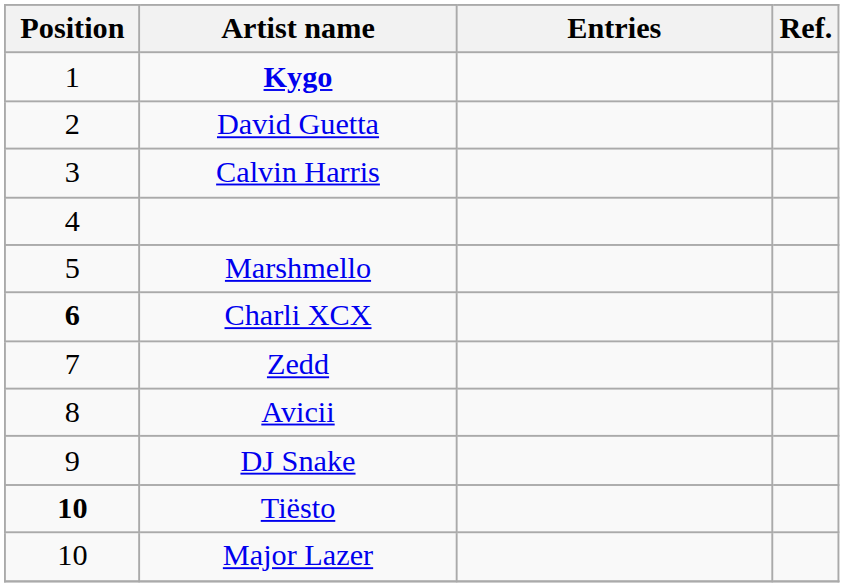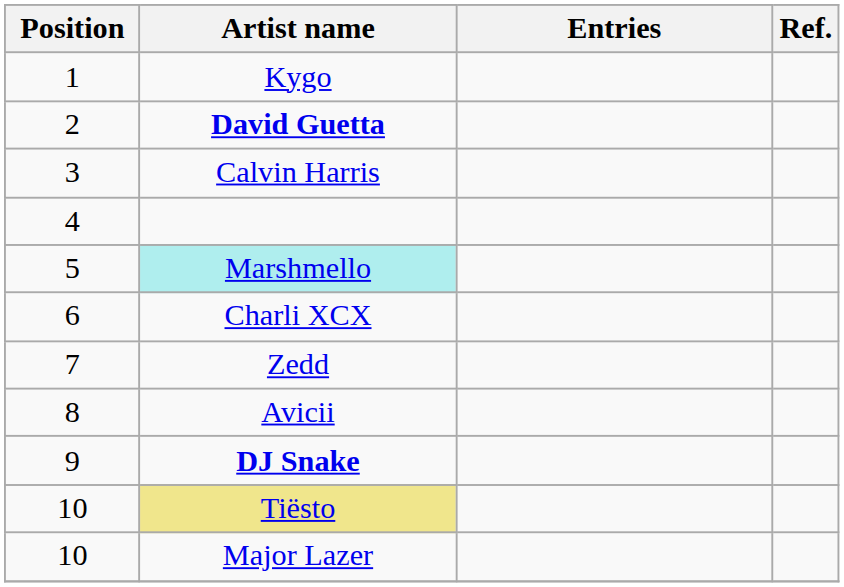 <table class="wikitable sortable plainrowheaders" style="text-align:center;">
 <tr>
 <th scope="col" style="width:4em;" class="unsortable">Position</th>
 <th scope="col" style="width:10em;">Artist name</th>
 <th scope="col" style="width:10em;">Entries</th>
 <th scope="col" style="width:1em;">Ref.</th>
 </tr>
 <tr>
 <td>1</td>
-<td><strong><a href='#'>Kygo</a></strong></td>
+<td><a href='#'>Kygo</a></td>
 <td></td>
 <td></td>
 </tr>
 <tr>
 <td>2</td>
-<td><a href='#'>David Guetta</a></td>
+<td><strong><a href='#'>David Guetta</a></strong></td>
 <td></td>
 <td></td>
 </tr>
 <tr>
 <td>3</td>
 <td><a href='#'>Calvin Harris</a></td>
 <td></td>
 <td></td>
 </tr>
 <tr>
 <td>4</td>
 <td></td>
 <td></td>
 <td></td>
 </tr>
 <tr>
 <td>5</td>
-<td><a href='#'>Marshmello</a></td>
+<td style="background: paleturquoise;"><a href='#'>Marshmello</a></td>
 <td></td>
 <td></td>
 </tr>
 <tr>
-<td><strong>6</strong></td>
+<td>6</td>
 <td><a href='#'>Charli XCX</a></td>
 <td></td>
 <td></td>
 </tr>
 <tr>
 <td>7</td>
 <td><a href='#'>Zedd</a></td>
 <td></td>
 <td></td>
 </tr>
 <tr>
 <td>8</td>
 <td><a href='#'>Avicii</a></td>
 <td></td>
 <td></td>
 </tr>
 <tr>
 <td>9</td>
-<td><a href='#'>DJ Snake</a></td>
+<td><strong><a href='#'>DJ Snake</a></strong></td>
 <td></td>
 <td></td>
 </tr>
 <tr>
-<td><strong>10</strong></td>
-<td><a href='#'>Tiësto</a></td>
+<td>10</td>
+<td style="background: khaki;"><a href='#'>Tiësto</a></td>
 <td></td>
 <td></td>
 </tr>
 <tr>
 <td>10</td>
 <td><a href='#'>Major Lazer</a></td>
 <td></td>
 <td></td>
 </tr>
 <tr>
 </tr>
 </table>
